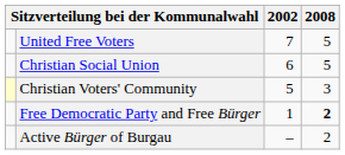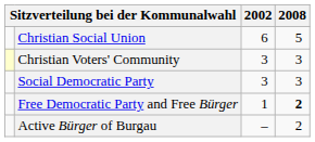 <table class="wikitable">
 <tr>
 <th scope="col" colspan="2">Sitzverteilung bei der Kommunalwahl</th>
 <th scope="col">2002</th>
 <th scope="col">2008</th>
-</tr>
-<tr>
-<td style="background: "></td>
-<th scope="row" style="text-align: left; font-weight: normal;"><a href='#'>United Free Voters</a></th>
-<td style="text-align: right; padding-right: 0.5em;">7</td>
-<td style="text-align: right; padding-right: 0.5em;">5</td>
 </tr>
 <tr>
 <td style="background: "></td>
 <th scope="row" style="text-align: left; font-weight: normal;"><a href='#'>Christian Social Union</a></th>
 <td style="text-align: right; padding-right: 0.5em;">6</td>
 <td style="text-align: right; padding-right: 0.5em;">5</td>
 </tr>
 <tr>
 <td style="background: #ffc; width: 0.25em;"></td>
 <th scope="row" style="text-align: left; font-weight: normal;">Christian Voters' Community</th>
-<td style="text-align: right; padding-right: 0.5em;">5</td>
+<td style="text-align: right; padding-right: 0.5em;">3</td>
+<td style="text-align: right; padding-right: 0.5em;">3</td>
+</tr>
+<tr>
+<td style="background: "></td>
+<th scope="row" style="text-align: left; font-weight: normal;"><a href='#'>Social Democratic Party</a></th>
+<td style="text-align: right; padding-right: 0.5em;">3</td>
 <td style="text-align: right; padding-right: 0.5em;">3</td>
 </tr>
 <tr>
 <td></td>
 <th scope="row" style="text-align: left; font-weight: normal;"><a href='#'>Free Democratic Party</a> and Free <em>Bürger</em></th>
 <td style="text-align: right; padding-right: 0.5em;">1</td>
 <td style="text-align: right; padding-right: 0.5em;"><strong>2</strong></td>
 </tr>
 <tr>
 <td style="background: "></td>
 <th scope="row" style="text-align: left; font-weight: normal;">Active <em>Bürger</em> of Burgau</th>
 <td style="text-align: right; padding-right: 0.5em;">–</td>
 <td style="text-align: right; padding-right: 0.5em;">2</td>
 </tr>
 </table>
